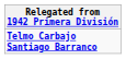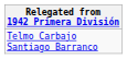 <table class="wikitable">
 <tr>
 <th>Relegated from<br><a href='#'>1942 Primera División</a></th>
 </tr>
 <tr>
-<td><strong> <a href='#'>Telmo Carbajo</a> <br> <a href='#'>Santiago Barranco</a> </strong></td>
+<td> <a href='#'>Telmo Carbajo</a> <br> <a href='#'>Santiago Barranco</a> </td>
 </tr>
 </table>
